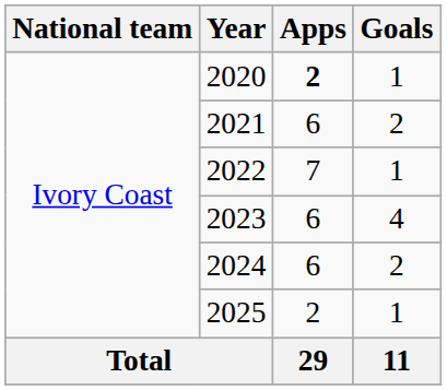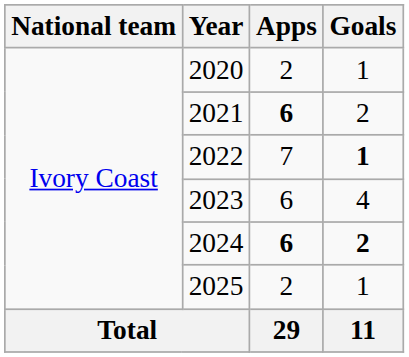 <table class=wikitable style=text-align:center>
 <tr>
 <th>National team</th>
 <th>Year</th>
 <th>Apps</th>
 <th>Goals</th>
 </tr>
 <tr>
 <td rowspan=6><a href='#'>Ivory Coast</a></td>
 <td>2020</td>
-<td><strong>2</strong></td>
+<td>2</td>
 <td>1</td>
 </tr>
 <tr>
 <td>2021</td>
-<td>6</td>
+<td><strong>6</strong></td>
 <td>2</td>
 </tr>
 <tr>
 <td>2022</td>
 <td>7</td>
-<td>1</td>
+<td><strong>1</strong></td>
 </tr>
 <tr>
 <td>2023</td>
 <td>6</td>
 <td>4</td>
 </tr>
 <tr>
 <td>2024</td>
-<td>6</td>
-<td>2</td>
+<td><strong>6</strong></td>
+<td><strong>2</strong></td>
 </tr>
 <tr>
 <td>2025</td>
 <td>2</td>
 <td>1</td>
 </tr>
 <tr>
 <th colspan=2>Total</th>
 <th>29</th>
 <th>11</th>
 </tr>
 </table>
